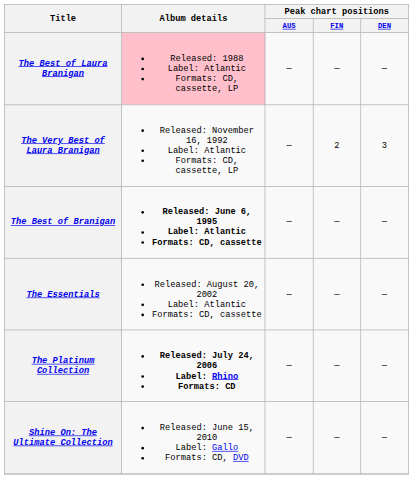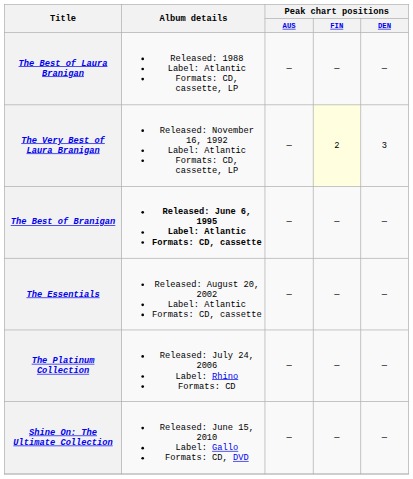 <table class="wikitable plainrowheaders" style="text-align:center;" border="1">
 <tr>
 <th scope="col" rowspan="2" style="width:13em;">Title</th>
 <th scope="col" rowspan="2" style="width:16em;">Album details</th>
 <th colspan="12"  scope="col"  style="width:5em;">Peak chart positions</th>
 </tr>
 <tr>
 <th scope="col" style="width:5em;"><small><a href='#'>AUS</a></small><br></th>
 <th scope="col" style="width:5em;"><small><a href='#'>FIN</a></small><br> </th>
 <th scope="col" style="width:5em;"><small><a href='#'>DEN</a></small><br> </th>
 </tr>
 <tr>
 <th scope="row"><em><a href='#'>The Best of Laura Branigan</a></em></th>
-<td style="background: pink;"><br><ul><li>Released: 1988</li><li>Label: Atlantic</li><li>Formats: CD, cassette, LP</li></ul></td>
+<td><br><ul><li>Released: 1988</li><li>Label: Atlantic</li><li>Formats: CD, cassette, LP</li></ul></td>
 <td>—</td>
 <td>—</td>
 <td>—</td>
 </tr>
 <tr>
 <th scope="row"><em><a href='#'>The Very Best of Laura Branigan</a></em></th>
 <td><br><ul><li>Released: November 16, 1992</li><li>Label: Atlantic</li><li>Formats: CD, cassette, LP</li></ul></td>
 <td>—</td>
-<td>2</td>
+<td style="background: lightyellow;">2</td>
 <td>3</td>
 </tr>
 <tr>
 <th scope="row"><em><a href='#'>The Best of Branigan</a></em></th>
 <td><strong><br><ul><li>Released: June 6, 1995</li><li>Label: Atlantic</li><li>Formats: CD, cassette</li></ul></strong></td>
 <td>—</td>
 <td>—</td>
 <td>—</td>
 </tr>
 <tr>
 <th scope="row"><em><a href='#'>The Essentials</a></em></th>
 <td><br><ul><li>Released: August 20, 2002</li><li>Label: Atlantic</li><li>Formats: CD, cassette</li></ul></td>
 <td>—</td>
 <td>—</td>
 <td>—</td>
 </tr>
 <tr>
 <th scope="row"><em><a href='#'>The Platinum Collection</a></em></th>
-<td><strong><br><ul><li>Released: July 24, 2006</li><li>Label: <a href='#'>Rhino</a></li><li>Formats: CD</li></ul></strong></td>
+<td><br><ul><li>Released: July 24, 2006</li><li>Label: <a href='#'>Rhino</a></li><li>Formats: CD</li></ul></td>
 <td>—</td>
 <td>—</td>
 <td>—</td>
 </tr>
 <tr>
 <th scope="row"><em><a href='#'>Shine On: The Ultimate Collection</a></em></th>
 <td><br><ul><li>Released: June 15, 2010</li><li>Label: <a href='#'>Gallo</a></li><li>Formats: CD, <a href='#'>DVD</a></li></ul></td>
 <td>—</td>
 <td>—</td>
 <td>—</td>
 </tr>
 <tr>
 </tr>
 </table>
